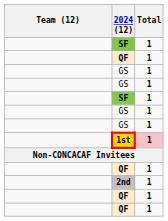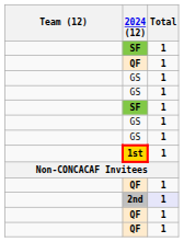 <table class="wikitable" style="text-align:center; font-size:90%">
 <tr>
 <th width=150>Team (12)</th>
 <th><br><a href='#'>2024</a><br> (12)</th>
 <th>Total</th>
 </tr>
 <tr>
 <td align=left></td>
 <td style="background:#81c846"><strong>SF</strong></td>
 <td><strong>1</strong></td>
 </tr>
 <tr>
 <td align=left></td>
 <td style="background:#ffebcd"><strong>QF</strong></td>
 <td><strong>1</strong></td>
 </tr>
 <tr>
 <td align=left></td>
 <td>GS</td>
 <td><strong>1</strong></td>
 </tr>
 <tr>
 <td align=left></td>
 <td>GS</td>
 <td><strong>1</strong></td>
 </tr>
 <tr>
 <td align=left></td>
 <td style="background:#81c846"><strong>SF</strong></td>
 <td><strong>1</strong></td>
 </tr>
 <tr>
 <td align=left></td>
 <td>GS</td>
 <td><strong>1</strong></td>
 </tr>
 <tr>
 <td align=left></td>
 <td>GS</td>
 <td><strong>1</strong></td>
 </tr>
 <tr>
 <td align=left></td>
 <td style="border: 3px solid red" bgcolor=Gold><strong>1st</strong></td>
-<td style="background: pink;"><strong>1</strong></td>
+<td><strong>1</strong></td>
 </tr>
 <tr>
 <th colspan=13>Non-CONCACAF Invitees</th>
 </tr>
 <tr>
 <td align=left></td>
 <td style="background:#ffebcd"><strong>QF</strong></td>
 <td><strong>1</strong></td>
 </tr>
 <tr>
 <td align=left></td>
 <td bgcolor=Silver><strong>2nd</strong></td>
-<td><strong>1</strong></td>
+<td style="background: lavender;"><strong>1</strong></td>
 </tr>
 <tr>
 <td align=left></td>
 <td style="background:#ffebcd"><strong>QF</strong></td>
 <td><strong>1</strong></td>
 </tr>
 <tr>
 <td align=left></td>
 <td style="background:#ffebcd"><strong>QF</strong></td>
 <td><strong>1</strong></td>
 </tr>
 </table>
